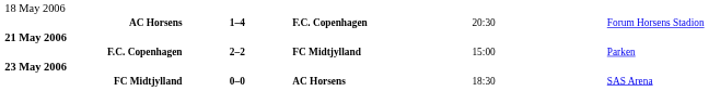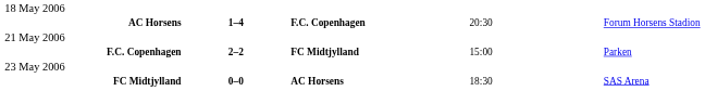 <table cellspacing="1" style="width:100%;">
 <tr>
 <th width=20%></th>
 <th width=12%></th>
 <th width=20%></th>
 <th></th>
 <th width=33%></th>
 </tr>
 <tr>
 <td>18 May 2006</td>
 </tr>
 <tr style=font-size:90%>
 <td align=right><strong>AC Horsens</strong></td>
 <td align=center><strong>1–4</strong></td>
 <td><strong>F.C. Copenhagen</strong></td>
 <td>20:30</td>
 <td><a href='#'>Forum Horsens Stadion</a></td>
 </tr>
 <tr>
-<td><strong>21 May 2006</strong></td>
+<td>21 May 2006</td>
 </tr>
 <tr style=font-size:90%>
 <td align=right><strong>F.C. Copenhagen</strong></td>
 <td align=center><strong>2–2</strong></td>
 <td><strong>FC Midtjylland</strong></td>
 <td>15:00</td>
 <td><a href='#'>Parken</a></td>
 </tr>
 <tr>
-<td><strong>23 May 2006</strong></td>
+<td>23 May 2006</td>
 </tr>
 <tr style=font-size:90%>
 <td align=right><strong>FC Midtjylland</strong></td>
 <td align=center><strong>0–0</strong></td>
 <td><strong>AC Horsens</strong></td>
 <td>18:30</td>
 <td><a href='#'>SAS Arena</a></td>
 </tr>
 </table>
